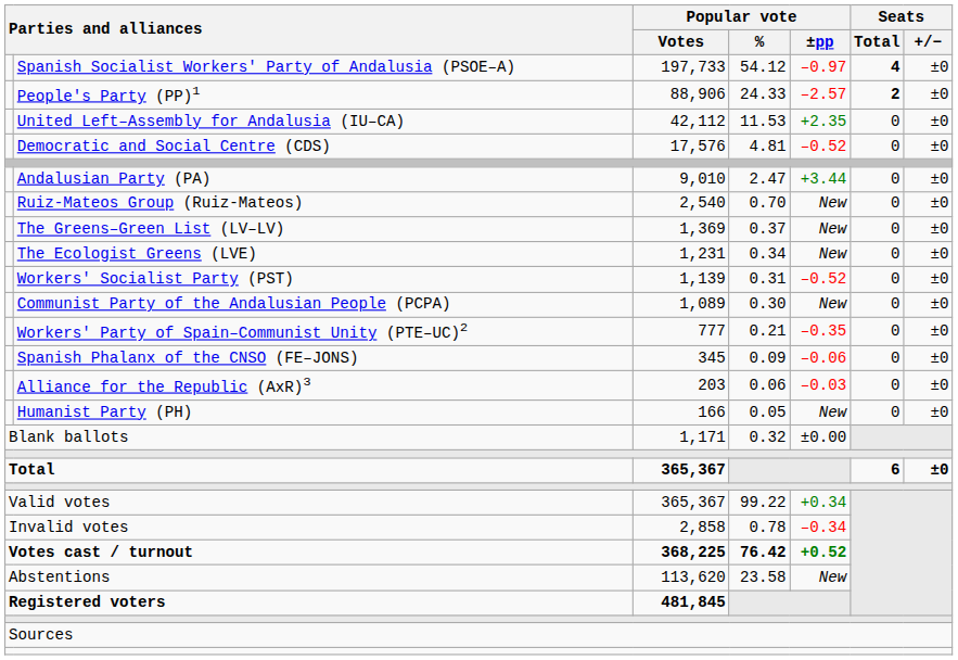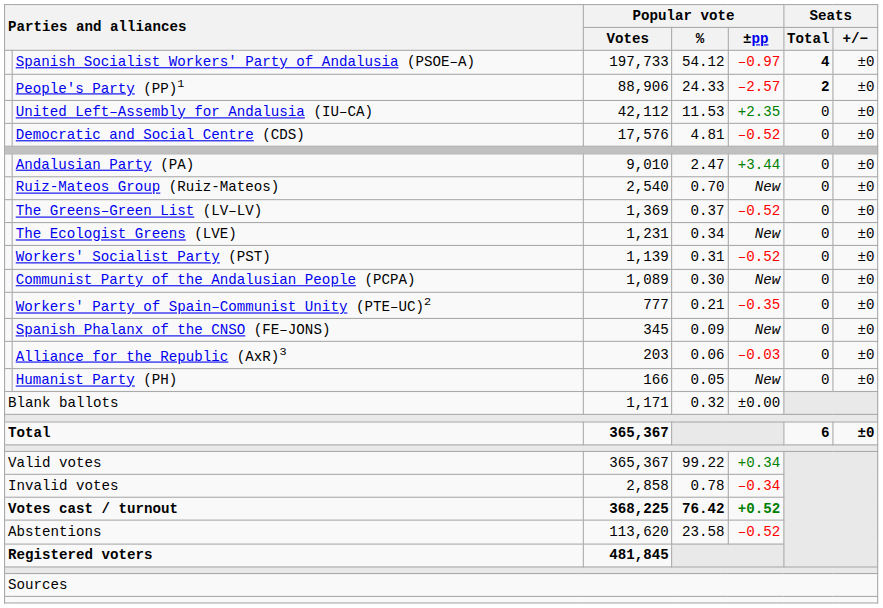 <table class="wikitable" style="text-align:right;">
 <tr>
 <th style="text-align:left;" rowspan="2" colspan="2" width="525">Parties and alliances</th>
 <th colspan="3">Popular vote</th>
 <th colspan="2">Seats</th>
 </tr>
 <tr>
 <th width="75">Votes</th>
 <th width="45">%</th>
 <th width="45">±<a href='#'>pp</a></th>
 <th width="35">Total</th>
 <th width="35">+/−</th>
 </tr>
 <tr>
 <td width="1" style="color:inherit;background:"></td>
 <td align="left"><a href='#'>Spanish Socialist Workers' Party of Andalusia</a> (PSOE–A)</td>
 <td>197,733</td>
 <td>54.12</td>
 <td style="color:red;">–0.97</td>
 <td><strong>4</strong></td>
 <td>±0</td>
 </tr>
 <tr>
 <td style="color:inherit;background:"></td>
 <td align="left"><a href='#'>People's Party</a> (PP)<sup>1</sup></td>
 <td>88,906</td>
 <td>24.33</td>
 <td style="color:red;">–2.57</td>
 <td><strong>2</strong></td>
 <td>±0</td>
 </tr>
 <tr>
 <td style="color:inherit;background:"></td>
 <td align="left"><a href='#'>United Left–Assembly for Andalusia</a> (IU–CA)</td>
 <td>42,112</td>
 <td>11.53</td>
 <td style="color:green;">+2.35</td>
 <td>0</td>
 <td>±0</td>
 </tr>
 <tr>
 <td style="color:inherit;background:"></td>
 <td align="left"><a href='#'>Democratic and Social Centre</a> (CDS)</td>
 <td>17,576</td>
 <td>4.81</td>
 <td style="color:red;">–0.52</td>
 <td>0</td>
 <td>±0</td>
 </tr>
 <tr>
 <td colspan="7" bgcolor="#C0C0C0"></td>
 </tr>
 <tr>
 <td style="color:inherit;background:"></td>
 <td align="left"><a href='#'>Andalusian Party</a> (PA)</td>
 <td>9,010</td>
 <td>2.47</td>
 <td style="color:green;">+3.44</td>
 <td>0</td>
 <td>±0</td>
 </tr>
 <tr>
 <td style="color:inherit;background:"></td>
 <td align="left"><a href='#'>Ruiz-Mateos Group</a> (Ruiz-Mateos)</td>
 <td>2,540</td>
 <td>0.70</td>
 <td><em>New</em></td>
 <td>0</td>
 <td>±0</td>
 </tr>
 <tr>
 <td style="color:inherit;background:"></td>
 <td align="left"><a href='#'>The Greens–Green List</a> (LV–LV)</td>
 <td>1,369</td>
 <td>0.37</td>
-<td><em>New</em></td>
+<td style="color:red;">–0.52</td>
 <td>0</td>
 <td>±0</td>
 </tr>
 <tr>
 <td style="color:inherit;background:"></td>
 <td align="left"><a href='#'>The Ecologist Greens</a> (LVE)</td>
 <td>1,231</td>
 <td>0.34</td>
 <td><em>New</em></td>
 <td>0</td>
 <td>±0</td>
 </tr>
 <tr>
 <td style="color:inherit;background:"></td>
 <td align="left"><a href='#'>Workers' Socialist Party</a> (PST)</td>
 <td>1,139</td>
 <td>0.31</td>
 <td style="color:red;">–0.52</td>
 <td>0</td>
 <td>±0</td>
 </tr>
 <tr>
 <td style="color:inherit;background:"></td>
 <td align="left"><a href='#'>Communist Party of the Andalusian People</a> (PCPA)</td>
 <td>1,089</td>
 <td>0.30</td>
 <td><em>New</em></td>
 <td>0</td>
 <td>±0</td>
 </tr>
 <tr>
 <td style="color:inherit;background:"></td>
 <td align="left"><a href='#'>Workers' Party of Spain–Communist Unity</a> (PTE–UC)<sup>2</sup></td>
 <td>777</td>
 <td>0.21</td>
 <td style="color:red;">–0.35</td>
 <td>0</td>
 <td>±0</td>
 </tr>
 <tr>
 <td style="color:inherit;background:"></td>
 <td align="left"><a href='#'>Spanish Phalanx of the CNSO</a> (FE–JONS)</td>
 <td>345</td>
 <td>0.09</td>
-<td style="color:red;">–0.06</td>
+<td><em>New</em></td>
 <td>0</td>
 <td>±0</td>
 </tr>
 <tr>
 <td style="color:inherit;background:"></td>
 <td align="left"><a href='#'>Alliance for the Republic</a> (AxR)<sup>3</sup></td>
 <td>203</td>
 <td>0.06</td>
 <td style="color:red;">–0.03</td>
 <td>0</td>
 <td>±0</td>
 </tr>
 <tr>
 <td style="color:inherit;background:"></td>
 <td align="left"><a href='#'>Humanist Party</a> (PH)</td>
 <td>166</td>
 <td>0.05</td>
 <td><em>New</em></td>
 <td>0</td>
 <td>±0</td>
 </tr>
 <tr>
 <td align="left" colspan="2">Blank ballots</td>
 <td>1,171</td>
 <td>0.32</td>
 <td>±0.00</td>
 <td bgcolor="#E9E9E9" colspan="2"></td>
 </tr>
 <tr>
 <td colspan="7" bgcolor="#E9E9E9"></td>
 </tr>
 <tr style="font-weight:bold;">
 <td align="left" colspan="2">Total</td>
 <td>365,367</td>
 <td bgcolor="#E9E9E9" colspan="2"></td>
 <td>6</td>
 <td>±0</td>
 </tr>
 <tr>
 <td colspan="7" bgcolor="#E9E9E9"></td>
 </tr>
 <tr>
 <td align="left" colspan="2">Valid votes</td>
 <td>365,367</td>
 <td>99.22</td>
 <td style="color:green;">+0.34</td>
 <td bgcolor="#E9E9E9" colspan="2" rowspan="5"></td>
 </tr>
 <tr>
 <td align="left" colspan="2">Invalid votes</td>
 <td>2,858</td>
 <td>0.78</td>
 <td style="color:red;">–0.34</td>
 </tr>
 <tr style="font-weight:bold;">
 <td align="left" colspan="2">Votes cast / turnout</td>
 <td>368,225</td>
 <td>76.42</td>
 <td style="color:green;">+0.52</td>
 </tr>
 <tr>
 <td align="left" colspan="2">Abstentions</td>
 <td>113,620</td>
 <td>23.58</td>
-<td><em>New</em></td>
+<td style="color:red;">–0.52</td>
 </tr>
 <tr style="font-weight:bold;">
 <td align="left" colspan="2">Registered voters</td>
 <td>481,845</td>
 <td bgcolor="#E9E9E9" colspan="2"></td>
 </tr>
 <tr>
 <td colspan="7" bgcolor="#E9E9E9"></td>
 </tr>
 <tr>
 <td align="left" colspan="7">Sources</td>
 </tr>
 <tr>
 <td colspan="7" style="text-align:left; max-width:790px;"></td>
 </tr>
 </table>
